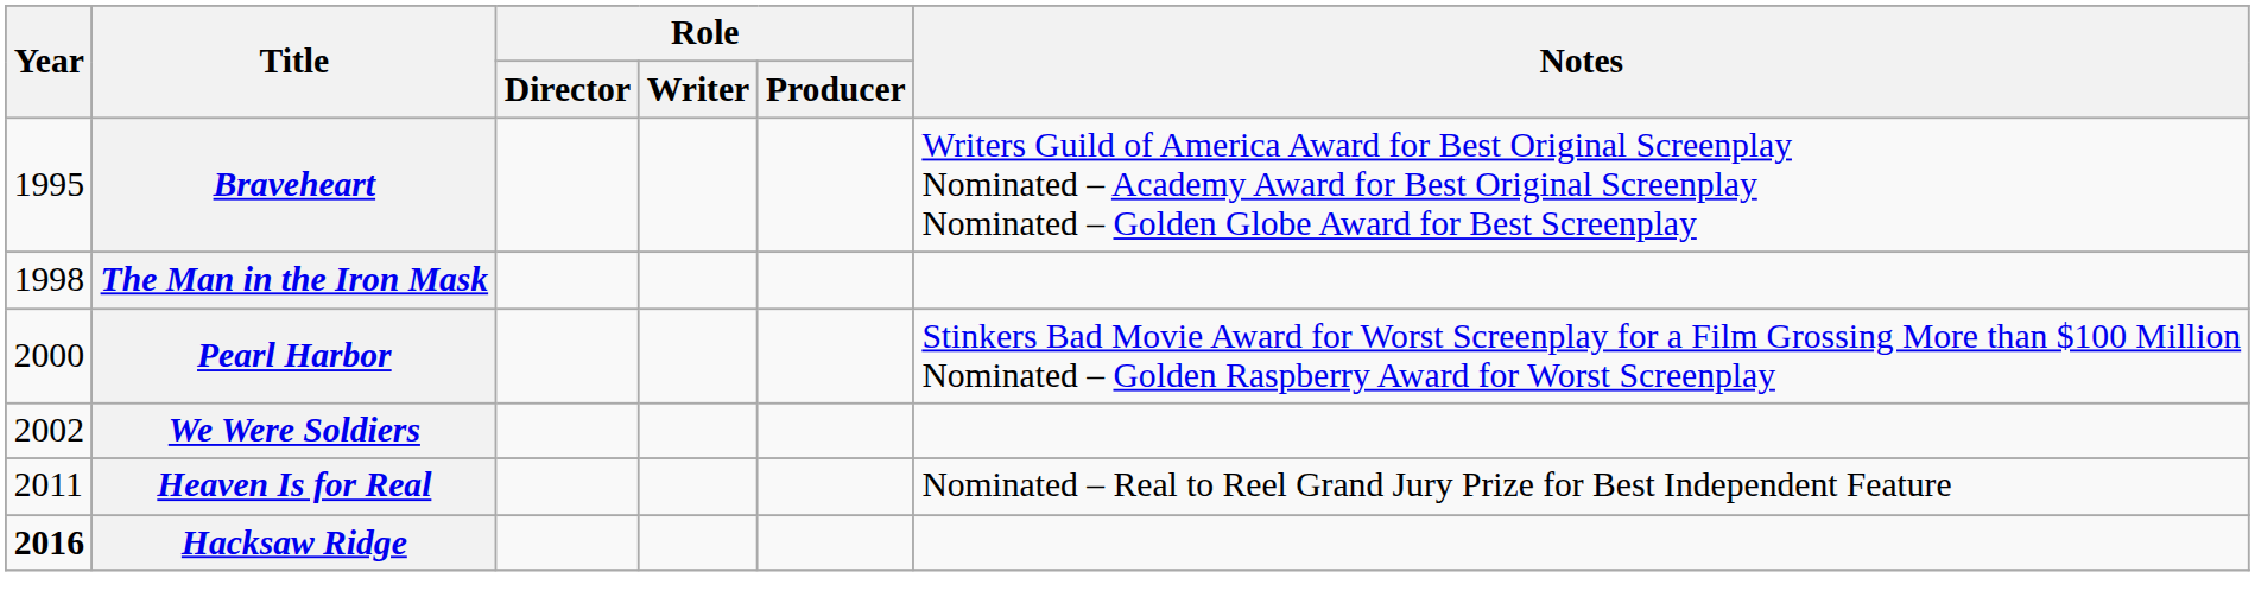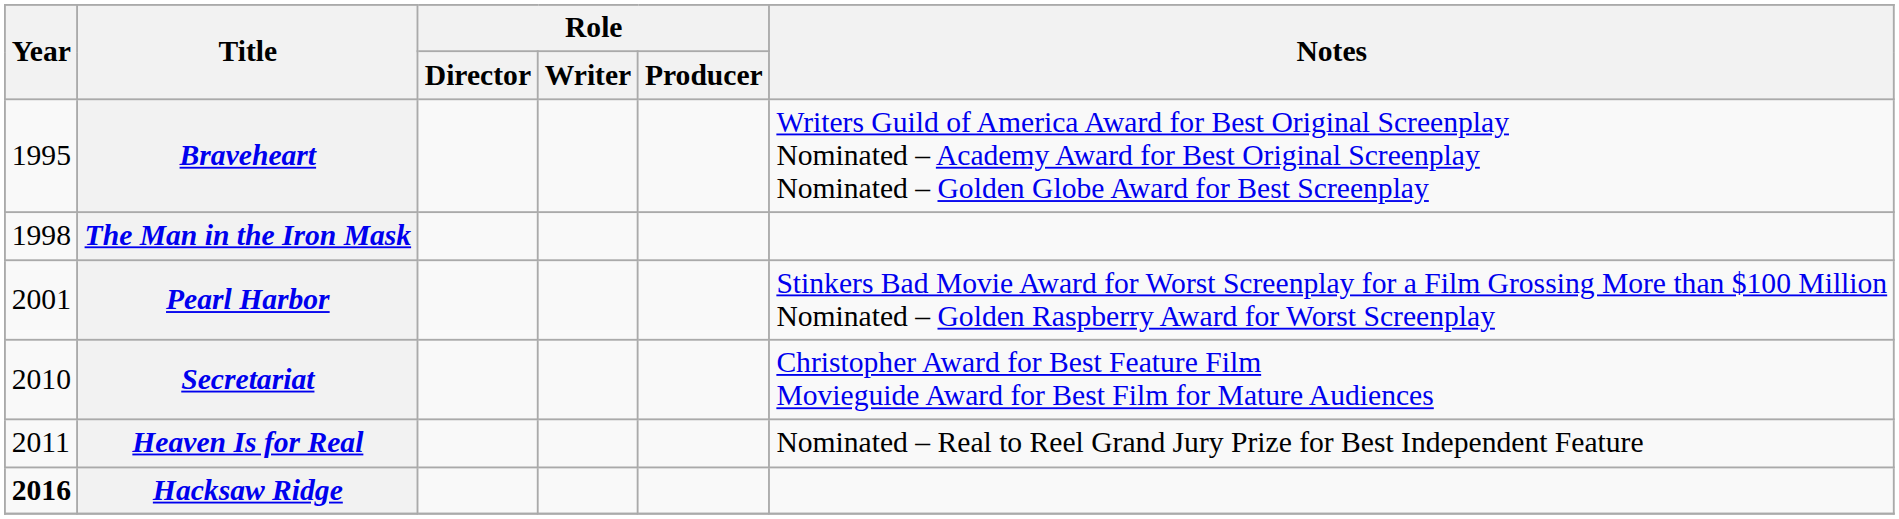 <table class="wikitable">
 <tr>
 <th rowspan="2">Year</th>
 <th rowspan="2">Title</th>
 <th colspan="3">Role</th>
 <th rowspan="2">Notes</th>
 </tr>
 <tr>
 <th scope="col">Director</th>
 <th scope="col">Writer</th>
 <th scope="col">Producer</th>
 </tr>
 <tr>
 <td>1995</td>
 <th scope="row"><em><a href='#'>Braveheart</a></em></th>
 <td></td>
 <td></td>
 <td></td>
 <td><a href='#'>Writers Guild of America Award for Best Original Screenplay</a><br>Nominated – <a href='#'>Academy Award for Best Original Screenplay</a><br>Nominated – <a href='#'>Golden Globe Award for Best Screenplay</a></td>
 </tr>
 <tr>
 <td>1998</td>
 <th scope="row"><em><a href='#'>The Man in the Iron Mask</a></em></th>
 <td></td>
 <td></td>
 <td></td>
 <td></td>
 </tr>
 <tr>
-<td>2000</td>
+<td>2001</td>
 <th scope="row"><em><a href='#'>Pearl Harbor</a></em></th>
 <td></td>
 <td></td>
 <td></td>
 <td><a href='#'>Stinkers Bad Movie Award for Worst Screenplay for a Film Grossing More than $100 Million</a><br>Nominated – <a href='#'>Golden Raspberry Award for Worst Screenplay</a></td>
 </tr>
 <tr>
-<td>2002</td>
-<th scope="row"><em><a href='#'>We Were Soldiers</a></em></th>
+<td>2010</td>
+<th scope="row"><em><a href='#'>Secretariat</a></em></th>
 <td></td>
 <td></td>
 <td></td>
-<td></td>
+<td><a href='#'>Christopher Award for Best Feature Film</a><br><a href='#'>Movieguide Award for Best Film for Mature Audiences</a></td>
 </tr>
 <tr>
 <td>2011</td>
 <th scope="row"><em><a href='#'>Heaven Is for Real</a></em></th>
 <td></td>
 <td></td>
 <td></td>
 <td>Nominated – Real to Reel Grand Jury Prize for Best Independent Feature</td>
 </tr>
 <tr>
 <td><strong>2016</strong></td>
 <th scope="row"><em><a href='#'>Hacksaw Ridge</a></th>
 <td></td>
 <td></td>
 <td></td>
 <td></td>
 </tr>
 <tr>
 </tr>
 </table>
